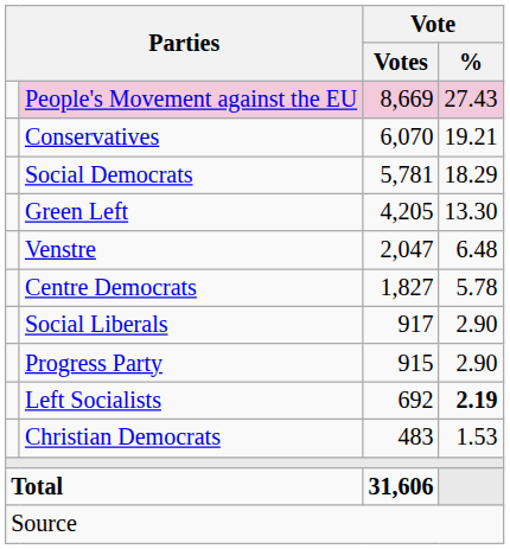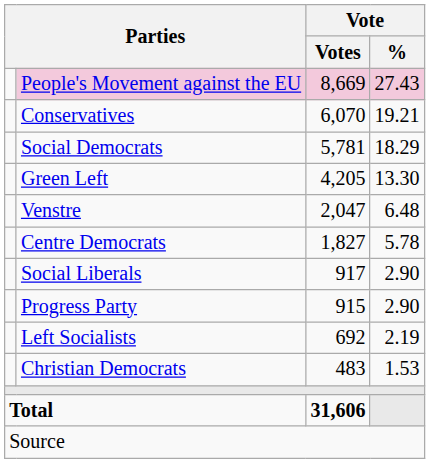 <table class="wikitable" style="text-align:right;">
 <tr>
 <th style="text-align:centre;" rowspan="2" colspan="2" width="225">Parties</th>
 <th colspan="3">Vote</th>
 </tr>
 <tr>
 <th width="15">Votes</th>
 <th width="15">%</th>
 </tr>
 <tr>
 <td width="2" style="color:inherit;background:"></td>
 <td bgcolor=#f3c9dc   align="left"><a href='#'>People's Movement against the EU</a></td>
 <td bgcolor=#f3c9dc>8,669</td>
 <td bgcolor=#f3c9dc>27.43</td>
 </tr>
 <tr>
 <td width="2" style="color:inherit;background:"></td>
 <td align="left"><a href='#'>Conservatives</a></td>
 <td>6,070</td>
 <td>19.21</td>
 </tr>
 <tr>
 <td width="2" style="color:inherit;background:"></td>
 <td align="left"><a href='#'>Social Democrats</a></td>
 <td>5,781</td>
 <td>18.29</td>
 </tr>
 <tr>
 <td width="2" style="color:inherit;background:"></td>
 <td align="left"><a href='#'>Green Left</a></td>
 <td>4,205</td>
 <td>13.30</td>
 </tr>
 <tr>
 <td width="2" style="color:inherit;background:"></td>
 <td align="left"><a href='#'>Venstre</a></td>
 <td>2,047</td>
 <td>6.48</td>
 </tr>
 <tr>
 <td width="2" style="color:inherit;background:"></td>
 <td align="left"><a href='#'>Centre Democrats</a></td>
 <td>1,827</td>
 <td>5.78</td>
 </tr>
 <tr>
 <td width="2" style="color:inherit;background:"></td>
 <td align="left"><a href='#'>Social Liberals</a></td>
 <td>917</td>
 <td>2.90</td>
 </tr>
 <tr>
 <td width="2" style="color:inherit;background:"></td>
 <td align="left"><a href='#'>Progress Party</a></td>
 <td>915</td>
 <td>2.90</td>
 </tr>
 <tr>
 <td width="2" style="color:inherit;background:"></td>
 <td align="left"><a href='#'>Left Socialists</a></td>
 <td>692</td>
-<td><strong>2.19</strong></td>
+<td>2.19</td>
 </tr>
 <tr>
 <td width="2" style="color:inherit;background:"></td>
 <td align="left"><a href='#'>Christian Democrats</a></td>
 <td>483</td>
 <td>1.53</td>
 </tr>
 <tr>
 <td colspan="7" bgcolor="#E9E9E9"></td>
 </tr>
 <tr>
 <td align="left" colspan="2"><strong>Total</strong></td>
 <td><strong>31,606</strong></td>
 <td bgcolor="#E9E9E9" colspan="2"></td>
 </tr>
 <tr>
 <td align="left" colspan="6">Source</td>
 </tr>
 </table>
